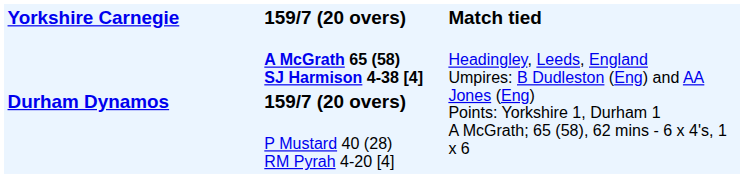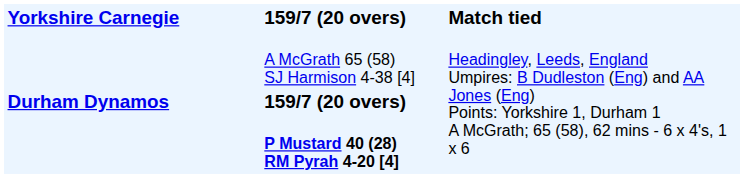 <table style="width:100%; background:#ebf5ff;">
 <tr>
 <td style="width:35%; vertical-align:top;" rowspan="2"><strong><a href='#'>Yorkshire Carnegie</a></strong></td>
 <td style="width:25%;"><strong>159/7 (20 overs)</strong></td>
 <td style="width:40%;"><strong>Match tied</strong></td>
 </tr>
 <tr>
-<td style="font-size: 85%;"><strong><br><a href='#'>A McGrath</a> 65 (58)<br> <a href='#'>SJ Harmison</a> 4-38 [4]</strong></td>
+<td style="font-size: 85%;"><br><a href='#'>A McGrath</a> 65 (58)<br> <a href='#'>SJ Harmison</a> 4-38 [4]</td>
 <td style="vertical-align:top; font-size:85%;" rowspan="3"><br><a href='#'>Headingley</a>, <a href='#'>Leeds</a>, <a href='#'>England</a><br> Umpires: <a href='#'>B Dudleston</a> (<a href='#'>Eng</a>) and <a href='#'>AA Jones</a> (<a href='#'>Eng</a>)<br> Points: Yorkshire 1, Durham 1<br>A McGrath; 65 (58), 62 mins - 6 x 4's, 1 x 6</td>
 </tr>
 <tr>
 <td style="vertical-align:top;" rowspan="2"><strong><a href='#'>Durham Dynamos</a></strong></td>
 <td><strong>159/7 (20 overs)</strong></td>
 </tr>
 <tr>
-<td style="font-size: 85%;"><br><a href='#'>P Mustard</a> 40 (28)<br> <a href='#'>RM Pyrah</a> 4-20 [4]</td>
+<td style="font-size: 85%;"><strong><br><a href='#'>P Mustard</a> 40 (28)<br> <a href='#'>RM Pyrah</a> 4-20 [4]</strong></td>
 </tr>
 </table>
